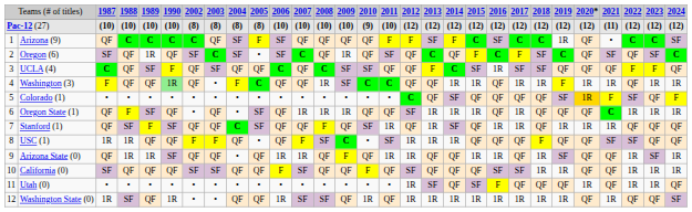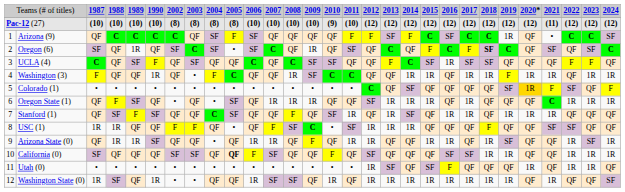 <table class="wikitable" style="text-align:center;font-size:80%">
 <tr style="background:#ccc">
 <td colspan="2">Teams (# of titles)</td>
 <td><strong><a href='#'>1987</a></strong></td>
 <td><strong><a href='#'>1988</a></strong></td>
 <td><strong><a href='#'>1989</a></strong></td>
 <td><strong><a href='#'>1990</a></strong></td>
 <td><strong><a href='#'>2002</a></strong></td>
 <td><strong><a href='#'>2003</a></strong></td>
 <td><strong><a href='#'>2004</a></strong></td>
 <td><strong><a href='#'>2005</a></strong></td>
 <td><strong><a href='#'>2006</a></strong></td>
 <td><strong><a href='#'>2007</a></strong></td>
 <td><strong><a href='#'>2008</a></strong></td>
 <td><strong><a href='#'>2009</a></strong></td>
 <td><strong><a href='#'>2010</a></strong></td>
 <td><strong><a href='#'>2011</a></strong></td>
 <td><strong><a href='#'>2012</a></strong></td>
 <td><strong><a href='#'>2013</a></strong></td>
 <td><strong><a href='#'>2014</a></strong></td>
 <td><strong><a href='#'>2015</a></strong></td>
 <td><strong><a href='#'>2016</a></strong></td>
 <td><strong><a href='#'>2017</a></strong></td>
 <td><strong><a href='#'>2018</a></strong></td>
 <td><strong><a href='#'>2019</a></strong></td>
 <td><strong><a href='#'>2020</a>*</strong></td>
 <td><strong><a href='#'>2021</a></strong></td>
 <td><strong><a href='#'>2022</a></strong></td>
 <td><strong><a href='#'>2023</a></strong></td>
 <td><strong><a href='#'>2024</a></strong></td>
 </tr>
 <tr>
 </tr>
 <tr style="background:#e6e6e6">
 <td colspan="2" align="left"><strong><a href='#'>Pac-12</a></strong> (27)</td>
 <td><strong>(10)</strong></td>
 <td><strong>(10)</strong></td>
 <td><strong>(10)</strong></td>
 <td><strong>(10)</strong></td>
 <td><strong>(8)</strong></td>
 <td><strong>(8)</strong></td>
 <td><strong>(8)</strong></td>
 <td><strong>(8)</strong></td>
 <td><strong>(10)</strong></td>
 <td><strong>(10)</strong></td>
 <td><strong>(10)</strong></td>
 <td><strong>(10)</strong></td>
 <td><strong>(9)</strong></td>
 <td><strong>(10)</strong></td>
 <td><strong>(12)</strong></td>
 <td><strong>(12)</strong></td>
 <td><strong>(12)</strong></td>
 <td><strong>(12)</strong></td>
 <td><strong>(12)</strong></td>
 <td><strong>(12)</strong></td>
 <td><strong>(12)</strong></td>
 <td><strong>(12)</strong></td>
 <td><strong>(12)</strong></td>
 <td><strong>(11)</strong></td>
 <td><strong>(12)</strong></td>
 <td><strong>(12)</strong></td>
 <td><strong>(12)</strong></td>
 </tr>
 <tr>
 <td>1</td>
 <td align="left"><a href='#'>Arizona</a> (9)</td>
 <td bgcolor=#ffebcd>QF</td>
 <td bgcolor=#00ff00><strong>C</strong></td>
 <td bgcolor=#00ff00><strong>C</strong></td>
 <td bgcolor=#00ff00><strong>C</strong></td>
 <td bgcolor=#00ff00><strong>C</strong></td>
 <td bgcolor=#ffebcd>QF</td>
 <td bgcolor=thistle>SF</td>
 <td bgcolor=yellow>F</td>
 <td bgcolor=thistle>SF</td>
 <td bgcolor=#ffebcd>QF</td>
 <td bgcolor=#ffebcd>QF</td>
 <td bgcolor=#ffebcd>QF</td>
 <td bgcolor=#ffebcd>QF</td>
 <td bgcolor=yellow>F</td>
 <td bgcolor=yellow>F</td>
 <td bgcolor=thistle>SF</td>
 <td bgcolor=yellow>F</td>
 <td bgcolor=#00ff00><strong>C</strong></td>
 <td bgcolor=thistle>SF</td>
 <td bgcolor=#00ff00><strong>C</strong></td>
 <td bgcolor=#00ff00><strong>C</strong></td>
 <td>1R</td>
 <td bgcolor=#ffebcd>QF</td>
 <td>•</td>
 <td bgcolor=#00ff00><strong>C</strong></td>
 <td bgcolor=#00ff00><strong>C</strong></td>
 <td bgcolor=thistle>SF</td>
 </tr>
 <tr>
 <td>2</td>
 <td align="left"><a href='#'>Oregon</a> (6)</td>
 <td bgcolor=thistle>SF</td>
 <td bgcolor=#ffebcd>QF</td>
 <td>1R</td>
 <td bgcolor=#ffebcd>QF</td>
 <td bgcolor=thistle>SF</td>
 <td bgcolor=#00ff00><strong>C</strong></td>
 <td bgcolor=thistle>SF</td>
 <td>•</td>
 <td bgcolor=thistle>SF</td>
 <td bgcolor=#00ff00><strong>C</strong></td>
 <td bgcolor=#ffebcd>QF</td>
 <td>1R</td>
 <td bgcolor=#ffebcd>QF</td>
 <td bgcolor=thistle>SF</td>
 <td bgcolor=#ffebcd>QF</td>
 <td bgcolor=#00ff00><strong>C</strong></td>
 <td bgcolor=#ffebcd>QF</td>
 <td bgcolor=yellow>F</td>
 <td bgcolor=#00ff00><strong>C</strong></td>
 <td bgcolor=yellow>F</td>
-<td bgcolor=thistle>SF</td>
+<td bgcolor=thistle><strong>SF</strong></td>
 <td bgcolor=#00ff00><strong>C</strong></td>
 <td bgcolor=#ffebcd>QF</td>
 <td bgcolor=thistle>SF</td>
 <td bgcolor=#ffebcd>QF</td>
 <td bgcolor=thistle>SF</td>
 <td bgcolor=#00ff00><strong>C</strong></td>
 </tr>
 <tr>
 <td>3</td>
 <td align="left"><a href='#'>UCLA</a> (4)</td>
 <td bgcolor=#00ff00><strong>C</strong></td>
 <td bgcolor=#ffebcd>QF</td>
 <td bgcolor=thistle>SF</td>
 <td bgcolor=yellow>F</td>
 <td bgcolor=#ffebcd>QF</td>
 <td bgcolor=thistle>SF</td>
 <td bgcolor=#ffebcd>QF</td>
 <td bgcolor=#ffebcd>QF</td>
 <td bgcolor=#00ff00><strong>C</strong></td>
 <td bgcolor=#ffebcd>QF</td>
 <td bgcolor=#00ff00><strong>C</strong></td>
 <td bgcolor=thistle>SF</td>
 <td bgcolor=thistle>SF</td>
 <td bgcolor=#ffebcd>QF</td>
 <td bgcolor=#ffebcd>QF</td>
 <td bgcolor=yellow>F</td>
 <td bgcolor=#00ff00><strong>C</strong></td>
 <td bgcolor=thistle>SF</td>
 <td>1R</td>
 <td bgcolor=thistle>SF</td>
 <td bgcolor=thistle>SF</td>
 <td bgcolor=#ffebcd>QF</td>
 <td bgcolor=#ffebcd>QF</td>
 <td bgcolor=#ffebcd>QF</td>
 <td bgcolor=yellow>F</td>
 <td bgcolor=yellow>F</td>
 <td bgcolor=#ffebcd>QF</td>
 </tr>
 <tr>
 <td>4</td>
 <td align="left"><a href='#'>Washington</a> (3)</td>
 <td bgcolor=yellow>F</td>
 <td bgcolor=#ffebcd>QF</td>
 <td bgcolor=#ffebcd>QF</td>
-<td style="background: lightgreen;">1R</td>
+<td>1R</td>
 <td bgcolor=#ffebcd>QF</td>
 <td>•</td>
 <td bgcolor=yellow>F</td>
 <td bgcolor=#00ff00><strong>C</strong></td>
 <td bgcolor=#ffebcd>QF</td>
 <td bgcolor=#ffebcd>QF</td>
 <td>1R</td>
 <td bgcolor=thistle>SF</td>
 <td bgcolor=#00ff00><strong>C</strong></td>
 <td bgcolor=#00ff00><strong>C</strong></td>
 <td bgcolor=#ffebcd>QF</td>
 <td bgcolor=#ffebcd>QF</td>
 <td>1R</td>
 <td>1R</td>
 <td bgcolor=#ffebcd>QF</td>
 <td>1R</td>
 <td>1R</td>
 <td bgcolor=yellow>F</td>
 <td>1R</td>
 <td>1R</td>
 <td bgcolor=#ffebcd>QF</td>
 <td>1R</td>
 <td>1R</td>
 </tr>
 <tr>
 <td>5</td>
 <td align="left"><a href='#'>Colorado</a> (1)</td>
 <td>•</td>
 <td>•</td>
 <td>•</td>
 <td>•</td>
 <td>•</td>
 <td>•</td>
 <td>•</td>
 <td>•</td>
 <td>•</td>
 <td>•</td>
 <td>•</td>
 <td>•</td>
 <td>•</td>
 <td>•</td>
 <td bgcolor=#00ff00><strong>C</strong></td>
 <td bgcolor=#ffebcd>QF</td>
 <td bgcolor=thistle>SF</td>
 <td bgcolor=#ffebcd>QF</td>
 <td bgcolor=#ffebcd>QF</td>
 <td bgcolor=#ffebcd>QF</td>
 <td bgcolor=#ffebcd>QF</td>
 <td bgcolor=thistle>SF</td>
 <td style="background: gold;">1R</td>
 <td bgcolor=yellow>F</td>
 <td bgcolor=thistle>SF</td>
 <td bgcolor=#ffebcd>QF</td>
 <td bgcolor=yellow>F</td>
 </tr>
 <tr>
 <td>6</td>
 <td align="left"><a href='#'>Oregon State</a> (1)</td>
 <td bgcolor=#ffebcd>QF</td>
 <td bgcolor=yellow>F</td>
 <td bgcolor=thistle>SF</td>
 <td bgcolor=#ffebcd>QF</td>
 <td>•</td>
 <td bgcolor=#ffebcd>QF</td>
 <td>•</td>
 <td bgcolor=thistle>SF</td>
 <td bgcolor=#ffebcd>QF</td>
 <td>1R</td>
 <td>1R</td>
 <td>1R</td>
 <td bgcolor=#ffebcd>QF</td>
 <td bgcolor=#ffebcd>QF</td>
 <td bgcolor=thistle>SF</td>
 <td>1R</td>
 <td>1R</td>
 <td>1R</td>
 <td bgcolor=#ffebcd>QF</td>
 <td>1R</td>
 <td bgcolor=#ffebcd>QF</td>
 <td bgcolor=#ffebcd>QF</td>
 <td bgcolor=#ffebcd>QF</td>
 <td bgcolor=#00ff00><strong>C</strong></td>
 <td>1R</td>
 <td>1R</td>
 <td>1R</td>
 </tr>
 <tr>
 <td>7</td>
 <td align="left"><a href='#'>Stanford</a> (1)</td>
 <td bgcolor=#ffebcd>QF</td>
 <td bgcolor=thistle>SF</td>
 <td bgcolor=yellow>F</td>
 <td bgcolor=thistle>SF</td>
 <td bgcolor=#ffebcd>QF</td>
 <td bgcolor=#ffebcd>QF</td>
 <td bgcolor=#00ff00><strong>C</strong></td>
 <td bgcolor=thistle>SF</td>
 <td bgcolor=#ffebcd>QF</td>
 <td bgcolor=#ffebcd>QF</td>
 <td bgcolor=yellow>F</td>
 <td bgcolor=#ffebcd>QF</td>
 <td bgcolor=thistle>SF</td>
 <td>1R</td>
 <td bgcolor=#ffebcd>QF</td>
 <td>1R</td>
 <td bgcolor=thistle>SF</td>
 <td bgcolor=#ffebcd>QF</td>
 <td>1R</td>
 <td>1R</td>
 <td bgcolor=#ffebcd>QF</td>
 <td>1R</td>
 <td>1R</td>
 <td>1R</td>
 <td bgcolor=#ffebcd>QF</td>
 <td bgcolor=#ffebcd>QF</td>
 <td bgcolor=#ffebcd>QF</td>
 </tr>
 <tr>
 <td>8</td>
 <td align="left"><a href='#'>USC</a> (1)</td>
 <td>1R</td>
 <td>1R</td>
 <td bgcolor=#ffebcd>QF</td>
 <td bgcolor=#ffebcd>QF</td>
 <td bgcolor=yellow>F</td>
 <td bgcolor=yellow>F</td>
 <td bgcolor=#ffebcd>QF</td>
 <td>•</td>
 <td bgcolor=#ffebcd>QF</td>
 <td bgcolor=yellow>F</td>
 <td bgcolor=thistle>SF</td>
 <td bgcolor=#00ff00><strong>C</strong></td>
 <td>•</td>
 <td bgcolor=thistle>SF</td>
 <td>1R</td>
 <td>1R</td>
 <td>1R</td>
 <td bgcolor=#ffebcd>QF</td>
 <td bgcolor=#ffebcd>QF</td>
 <td bgcolor=#ffebcd>QF</td>
 <td bgcolor=yellow>F</td>
 <td bgcolor=#ffebcd>QF</td>
 <td bgcolor=#ffebcd>QF</td>
 <td bgcolor=thistle>SF</td>
 <td bgcolor=thistle>SF</td>
 <td bgcolor=#ffebcd>QF</td>
 <td bgcolor=#ffebcd>QF</td>
 </tr>
 <tr>
 <td>9</td>
 <td align="left"><a href='#'>Arizona State</a> (0)</td>
 <td bgcolor=#ffebcd>QF</td>
 <td>1R</td>
 <td>1R</td>
 <td bgcolor=thistle>SF</td>
 <td bgcolor=#ffebcd>QF</td>
 <td bgcolor=#ffebcd>QF</td>
 <td>•</td>
 <td bgcolor=#ffebcd>QF</td>
 <td>1R</td>
 <td>1R</td>
 <td bgcolor=#ffebcd>QF</td>
 <td bgcolor=yellow>F</td>
 <td bgcolor=#ffebcd>QF</td>
 <td>1R</td>
 <td>1R</td>
 <td bgcolor=#ffebcd>QF</td>
 <td bgcolor=#ffebcd>QF</td>
 <td>1R</td>
 <td>1R</td>
 <td bgcolor=#ffebcd>QF</td>
 <td>1R</td>
 <td bgcolor=thistle>SF</td>
 <td bgcolor=#ffebcd>QF</td>
 <td bgcolor=#ffebcd>QF</td>
 <td>1R</td>
 <td bgcolor=thistle>SF</td>
 <td>1R</td>
 </tr>
 <tr>
 <td>10</td>
 <td align="left"><a href='#'>California</a> (0)</td>
 <td bgcolor=thistle>SF</td>
 <td bgcolor=#ffebcd>QF</td>
 <td bgcolor=#ffebcd>QF</td>
 <td bgcolor=#ffebcd>QF</td>
 <td bgcolor=thistle>SF</td>
 <td bgcolor=thistle>SF</td>
 <td bgcolor=#ffebcd>QF</td>
-<td bgcolor=#ffebcd>QF</td>
+<td bgcolor=#ffebcd><strong>QF</strong></td>
 <td bgcolor=yellow>F</td>
 <td bgcolor=thistle>SF</td>
 <td bgcolor=#ffebcd>QF</td>
 <td bgcolor=#ffebcd>QF</td>
 <td bgcolor=yellow>F</td>
 <td bgcolor=#ffebcd>QF</td>
 <td bgcolor=thistle>SF</td>
 <td bgcolor=#ffebcd>QF</td>
 <td bgcolor=#ffebcd>QF</td>
 <td bgcolor=#ffebcd>QF</td>
 <td bgcolor=thistle>SF</td>
 <td bgcolor=thistle>SF</td>
 <td>1R</td>
 <td>1R</td>
 <td bgcolor=#ffebcd>QF</td>
 <td bgcolor=#ffebcd>QF</td>
 <td>1R</td>
 <td>1R</td>
 <td>1R</td>
 </tr>
 <tr>
 <td>11</td>
 <td align="left"><a href='#'>Utah</a> (0)</td>
 <td>•</td>
 <td>•</td>
 <td>•</td>
 <td>•</td>
 <td>•</td>
 <td>•</td>
 <td>•</td>
 <td>•</td>
 <td>•</td>
 <td>•</td>
 <td>•</td>
 <td>•</td>
 <td>•</td>
 <td>•</td>
 <td>1R</td>
 <td bgcolor=thistle>SF</td>
 <td bgcolor=#ffebcd>QF</td>
 <td bgcolor=thistle>SF</td>
 <td bgcolor=yellow>F</td>
 <td bgcolor=#ffebcd>QF</td>
 <td bgcolor=#ffebcd>QF</td>
 <td bgcolor="#ffebcd">QF</td>
 <td>1R</td>
 <td bgcolor=#ffebcd>QF</td>
 <td>1R</td>
 <td>1R</td>
 <td bgcolor=#ffebcd>QF</td>
 </tr>
 <tr>
 <td>12</td>
 <td align="left"><a href='#'>Washington State</a> (0)</td>
 <td>1R</td>
 <td bgcolor=thistle>SF</td>
 <td bgcolor=#ffebcd>QF</td>
 <td>1R</td>
 <td>•</td>
 <td>•</td>
 <td bgcolor=#ffebcd>QF</td>
 <td bgcolor=#ffebcd>QF</td>
 <td>1R</td>
 <td bgcolor=thistle>SF</td>
 <td bgcolor=thistle>SF</td>
 <td bgcolor=#ffebcd>QF</td>
 <td>1R</td>
 <td bgcolor=#ffebcd>QF</td>
 <td>1R</td>
 <td>1R</td>
 <td>1R</td>
 <td>1R</td>
 <td>1R</td>
 <td>1R</td>
 <td>1R</td>
 <td>1R</td>
 <td bgcolor=#ffebcd>QF</td>
 <td>1R</td>
 <td bgcolor=#ffebcd>QF</td>
 <td bgcolor=#ffebcd>QF</td>
 <td bgcolor=thistle>SF</td>
 </tr>
 </table>
